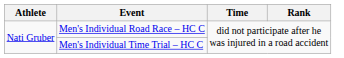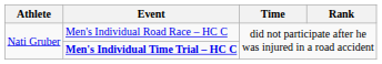 <table class=wikitable style="font-size:90%">
 <tr>
 <th>Athlete</th>
 <th>Event</th>
 <th>Time</th>
 <th>Rank</th>
 </tr>
 <tr>
 <td rowspan="2"><a href='#'>Nati Gruber</a></td>
 <td><a href='#'>Men's Individual Road Race – HC C</a></td>
 <td rowspan="2" colspan="2" align="center">did not participate after he<br>was injured in a road accident</td>
 </tr>
 <tr>
-<td><a href='#'>Men's Individual Time Trial – HC C</a></td>
+<td><strong><a href='#'>Men's Individual Time Trial – HC C</a></strong></td>
 </tr>
 </table>
